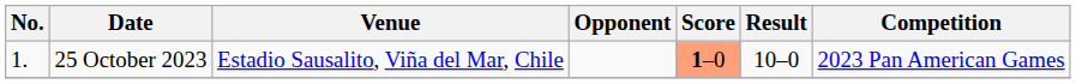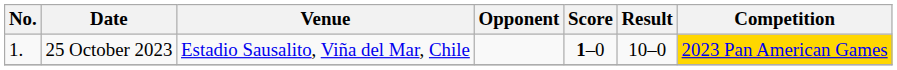 <table class="wikitable">
 <tr>
 <th>No.</th>
 <th>Date</th>
 <th>Venue</th>
 <th>Opponent</th>
 <th>Score</th>
 <th>Result</th>
 <th>Competition</th>
 </tr>
 <tr>
 <td>1.</td>
 <td>25 October 2023</td>
 <td><a href='#'>Estadio Sausalito</a>, <a href='#'>Viña del Mar</a>, <a href='#'>Chile</a></td>
 <td></td>
-<td align=center style="background: lightsalmon;"><strong>1</strong>–0</td>
+<td align=center><strong>1</strong>–0</td>
 <td align=center>10–0</td>
-<td><a href='#'>2023 Pan American Games</a></td>
+<td style="background: gold;"><a href='#'>2023 Pan American Games</a></td>
 </tr>
 <tr>
 </tr>
 </table>
